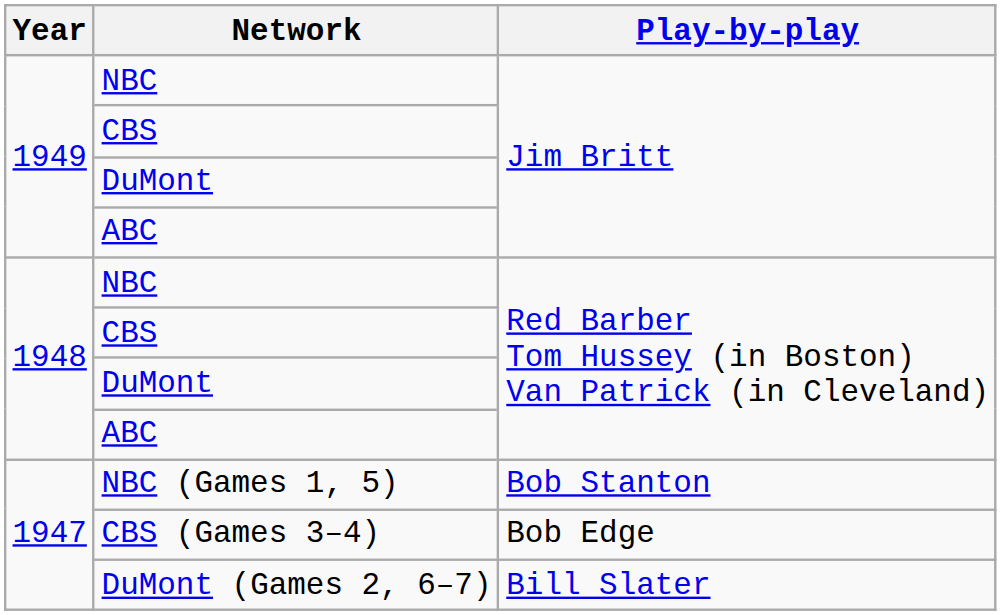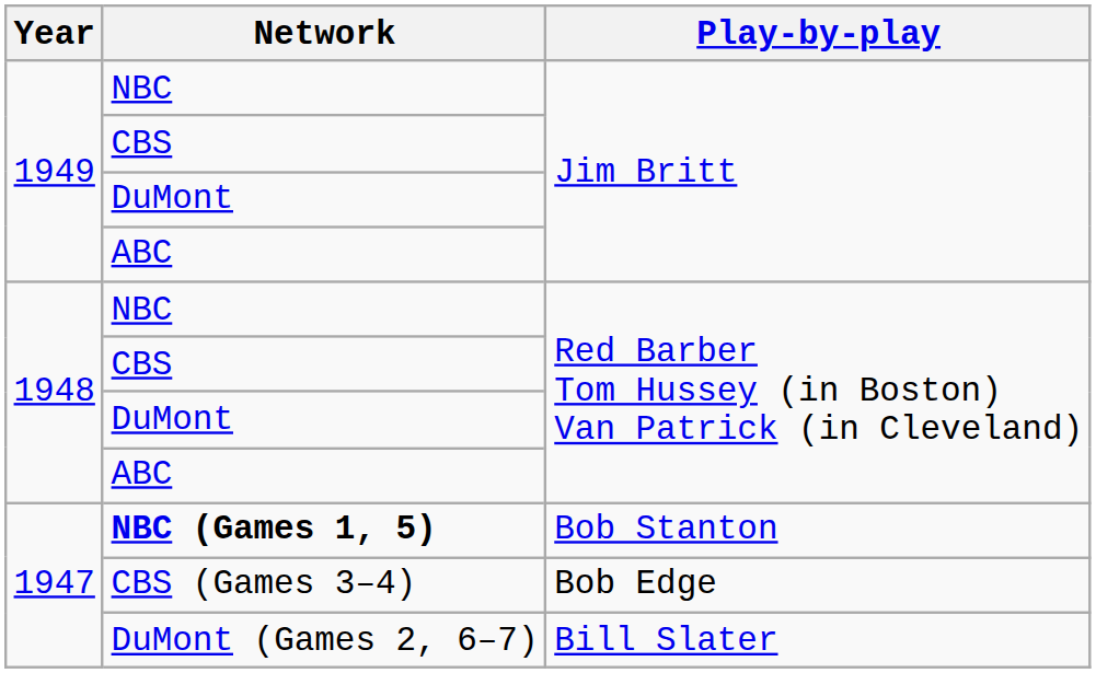 <table class="wikitable">
 <tr>
 <th>Year</th>
 <th>Network</th>
 <th><a href='#'>Play-by-play</a></th>
 </tr>
 <tr>
 <td rowspan="4"><a href='#'>1949</a></td>
 <td><a href='#'>NBC</a></td>
 <td rowspan="4"><a href='#'>Jim Britt</a></td>
 </tr>
 <tr>
 <td><a href='#'>CBS</a></td>
 </tr>
 <tr>
 <td><a href='#'>DuMont</a></td>
 </tr>
 <tr>
 <td><a href='#'>ABC</a></td>
 </tr>
 <tr>
 <td rowspan="4"><a href='#'>1948</a></td>
 <td><a href='#'>NBC</a></td>
 <td rowspan="4"><a href='#'>Red Barber</a><br><a href='#'>Tom Hussey</a> (in Boston)<br><a href='#'>Van Patrick</a> (in Cleveland)</td>
 </tr>
 <tr>
 <td><a href='#'>CBS</a></td>
 </tr>
 <tr>
 <td><a href='#'>DuMont</a></td>
 </tr>
 <tr>
 <td><a href='#'>ABC</a></td>
 </tr>
 <tr>
 <td rowspan="3"><a href='#'>1947</a></td>
-<td><a href='#'>NBC</a> (Games 1, 5)</td>
+<td><strong><a href='#'>NBC</a> (Games 1, 5)</strong></td>
 <td><a href='#'>Bob Stanton</a></td>
 </tr>
 <tr>
 <td><a href='#'>CBS</a> (Games 3–4)</td>
 <td>Bob Edge</td>
 </tr>
 <tr>
 <td><a href='#'>DuMont</a> (Games 2, 6–7)</td>
 <td><a href='#'>Bill Slater</a></td>
 </tr>
 </table>
